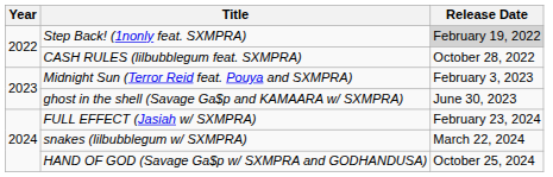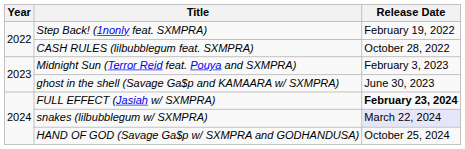 <table class="wikitable">
 <tr>
 <th>Year</th>
 <th>Title</th>
 <th>Release Date</th>
 </tr>
 <tr>
 <td rowspan="2">2022</td>
 <td><em>Step Back! (<a href='#'>1nonly</a> feat. SXMPRA)</em></td>
-<td style="background: lightgrey;">February 19, 2022</td>
+<td>February 19, 2022</td>
 </tr>
 <tr>
 <td><em>CASH RULES (lilbubblegum feat. SXMPRA)</em></td>
 <td>October 28, 2022</td>
 </tr>
 <tr>
 <td rowspan="2">2023</td>
 <td><em>Midnight Sun (<a href='#'>Terror Reid</a> feat. <a href='#'>Pouya</a> and SXMPRA)</em></td>
 <td>February 3, 2023</td>
 </tr>
 <tr>
 <td><em>ghost in the shell (Savage Ga$p and KAMAARA w/ SXMPRA)</em></td>
 <td>June 30, 2023</td>
 </tr>
 <tr>
 <td rowspan="3">2024</td>
 <td><em>FULL EFFECT (<a href='#'>Jasiah</a> w/ SXMPRA)</em></td>
-<td>February 23, 2024</td>
+<td><strong>February 23, 2024</strong></td>
 </tr>
 <tr>
 <td><em>snakes (lilbubblegum w/ SXMPRA)</em></td>
-<td>March 22, 2024</td>
+<td style="background: lavender;">March 22, 2024</td>
 </tr>
 <tr>
 <td><em>HAND OF GOD (Savage Ga$p w/ SXMPRA and GODHANDUSA)</em></td>
 <td>October 25, 2024</td>
 </tr>
 </table>
